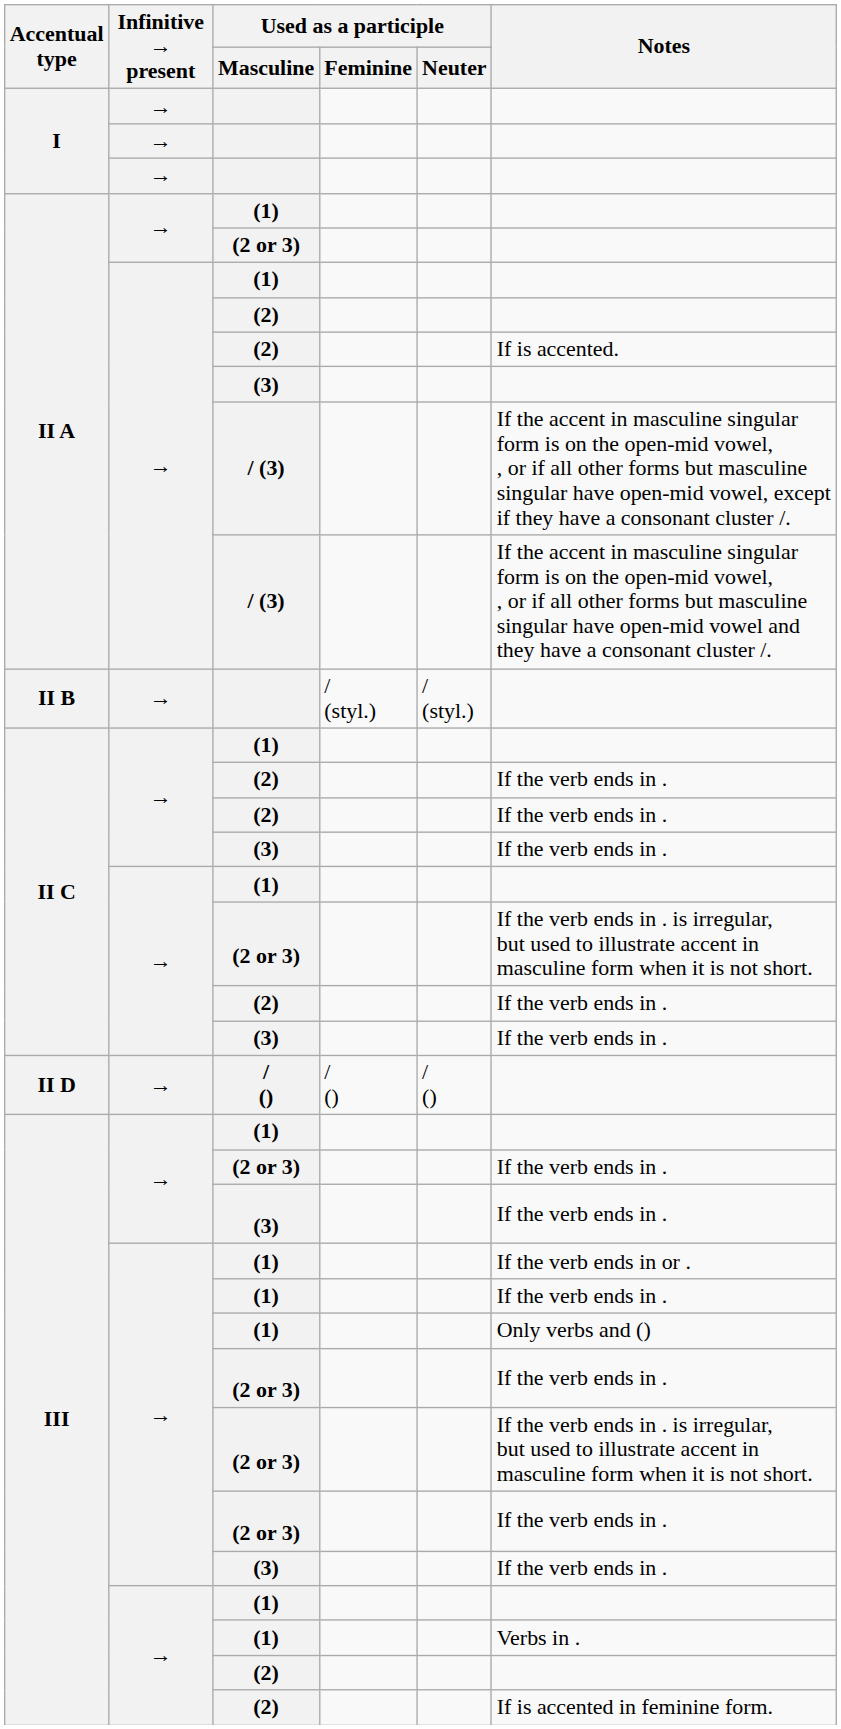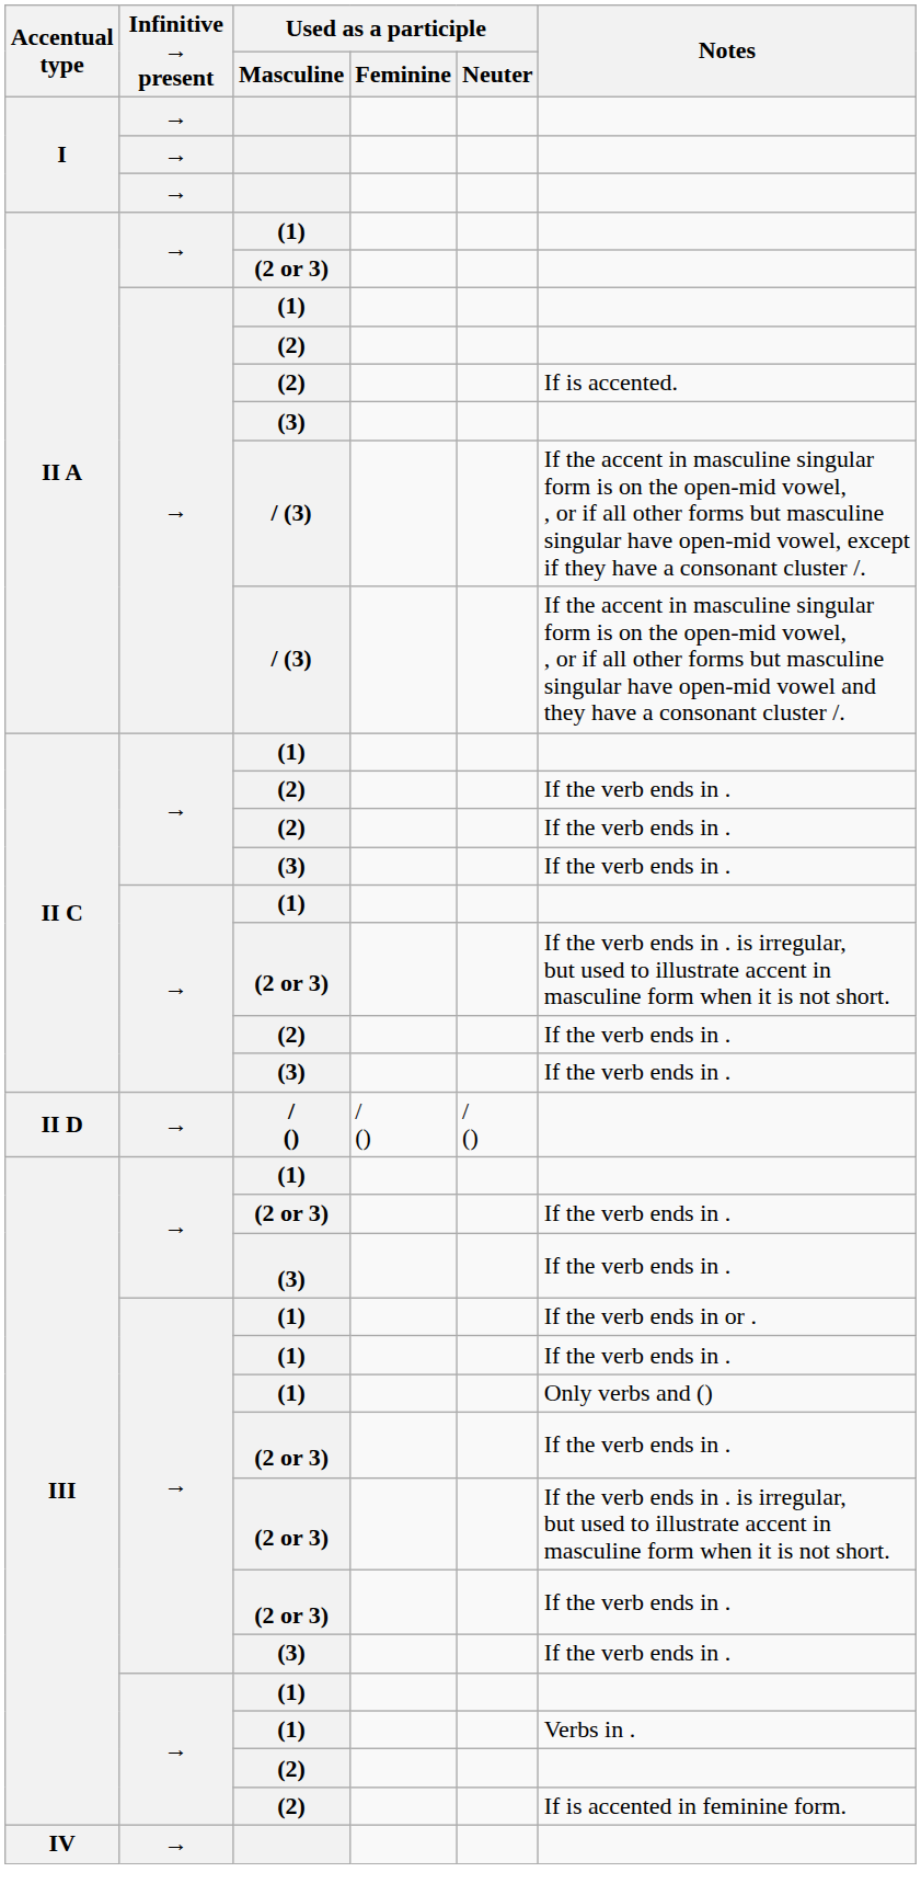 <table class="wikitable mw-collapsible mw-collapsed">
 <tr>
 <th rowspan="2">Accentual<br>type</th>
 <th rowspan="2">Infinitive →<br>present</th>
 <th colspan="3">Used as a participle</th>
 <th rowspan="2">Notes</th>
 </tr>
 <tr>
 <th>Masculine</th>
 <th>Feminine</th>
 <th>Neuter</th>
 </tr>
 <tr>
 <th rowspan="3">I</th>
 <th> → </th>
 <th></th>
 <td></td>
 <td></td>
 <td></td>
 </tr>
 <tr>
 <th> → </th>
 <th></th>
 <td></td>
 <td></td>
 <td></td>
 </tr>
 <tr>
 <th> → </th>
 <th></th>
 <td></td>
 <td></td>
 <td></td>
 </tr>
 <tr>
 <th rowspan="8">II A</th>
 <th rowspan="2"> → </th>
 <th> (1)</th>
 <td></td>
 <td></td>
 <td></td>
 </tr>
 <tr>
 <th> (2 or 3)</th>
 <td></td>
 <td></td>
 <td></td>
 </tr>
 <tr>
 <th rowspan="6"> → </th>
 <th> (1)</th>
 <td></td>
 <td></td>
 <td></td>
 </tr>
 <tr>
 <th> (2)</th>
 <td></td>
 <td></td>
 <td></td>
 </tr>
 <tr>
 <th> (2)</th>
 <td></td>
 <td></td>
 <td>If  is accented.</td>
 </tr>
 <tr>
 <th> (3)</th>
 <td></td>
 <td></td>
 <td></td>
 </tr>
 <tr>
 <th> /  (3)</th>
 <td></td>
 <td></td>
 <td>If the accent in masculine singular form is on the open-mid vowel,<br>, or if all other forms but masculine singular have open-mid vowel, except if they have a consonant cluster /.</td>
 </tr>
 <tr>
 <th> /  (3)</th>
 <td></td>
 <td></td>
 <td>If the accent in masculine singular form is on the open-mid vowel,<br>, or if all other forms but masculine singular have open-mid  vowel and they have a consonant cluster /.</td>
-</tr>
-<tr>
-<th>II B</th>
-<th> → </th>
-<th></th>
-<td> /<br> (styl.)</td>
-<td> /<br> (styl.)</td>
-<td></td>
 </tr>
 <tr>
 <th rowspan="8">II C</th>
 <th rowspan="4"> → </th>
 <th> (1)</th>
 <td></td>
 <td></td>
 <td></td>
 </tr>
 <tr>
 <th> (2)</th>
 <td></td>
 <td></td>
 <td>If the verb ends in .</td>
 </tr>
 <tr>
 <th> (2)</th>
 <td></td>
 <td></td>
 <td>If the verb ends in .</td>
 </tr>
 <tr>
 <th> (3)</th>
 <td></td>
 <td></td>
 <td>If the verb ends in .</td>
 </tr>
 <tr>
 <th rowspan="4"> → </th>
 <th> (1)</th>
 <td></td>
 <td></td>
 <td></td>
 </tr>
 <tr>
 <th><br>(2 or 3)</th>
 <td></td>
 <td></td>
 <td>If the verb ends in .  is irregular,<br>but used to illustrate accent in masculine form when it is not short.</td>
 </tr>
 <tr>
 <th> (2)</th>
 <td></td>
 <td></td>
 <td>If the verb ends in .</td>
 </tr>
 <tr>
 <th> (3)</th>
 <td></td>
 <td></td>
 <td>If the verb ends in .</td>
 </tr>
 <tr>
 <th>II D</th>
 <th> → </th>
 <th> /<br>()</th>
 <td> /<br>()</td>
 <td> /<br>()</td>
 <td></td>
 </tr>
 <tr>
 <th rowspan="14">III</th>
 <th rowspan="3"> → </th>
 <th> (1)</th>
 <td></td>
 <td></td>
 <td></td>
 </tr>
 <tr>
 <th> (2 or 3)</th>
 <td></td>
 <td></td>
 <td>If the verb ends in .</td>
 </tr>
 <tr>
 <th><br>(3)</th>
 <td></td>
 <td></td>
 <td>If the verb ends in .</td>
 </tr>
 <tr>
 <th rowspan="7"> → </th>
 <th> (1)</th>
 <td></td>
 <td></td>
 <td>If the verb ends in  or .</td>
 </tr>
 <tr>
 <th> (1)</th>
 <td></td>
 <td></td>
 <td>If the verb ends in .</td>
 </tr>
 <tr>
 <th> (1)</th>
 <td></td>
 <td></td>
 <td>Only verbs  and  ()</td>
 </tr>
 <tr>
 <th><br>(2 or 3)</th>
 <td></td>
 <td></td>
 <td>If the verb ends in .</td>
 </tr>
 <tr>
 <th><br>(2 or 3)</th>
 <td></td>
 <td></td>
 <td>If the verb ends in .  is irregular,<br>but used to illustrate accent in masculine form when it is not short.</td>
 </tr>
 <tr>
 <th><br>(2 or 3)</th>
 <td></td>
 <td></td>
 <td>If the verb ends in .</td>
 </tr>
 <tr>
 <th> (3)</th>
 <td></td>
 <td></td>
 <td>If the verb ends in .</td>
 </tr>
 <tr>
 <th rowspan="4"> → </th>
 <th> (1)</th>
 <td></td>
 <td></td>
 <td></td>
 </tr>
 <tr>
 <th> (1)</th>
 <td></td>
 <td></td>
 <td>Verbs in .</td>
 </tr>
 <tr>
 <th> (2)</th>
 <td></td>
 <td></td>
 <td></td>
 </tr>
 <tr>
 <th> (2)</th>
 <td></td>
 <td></td>
 <td>If  is accented in feminine form.</td>
 </tr>
+<tr>
+<th>IV</th>
+<th> → </th>
+<th></th>
+<td></td>
+<td></td>
+<td></td>
+</tr>
 </table>
